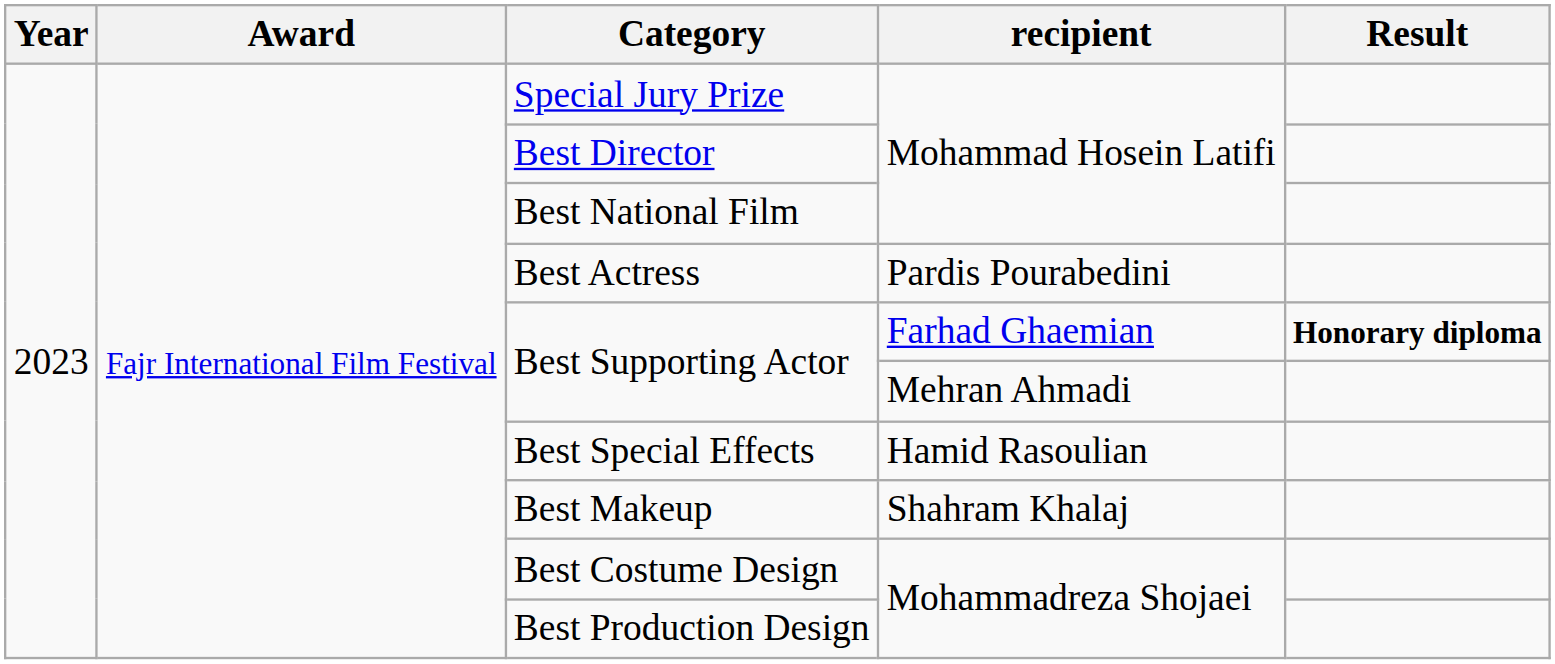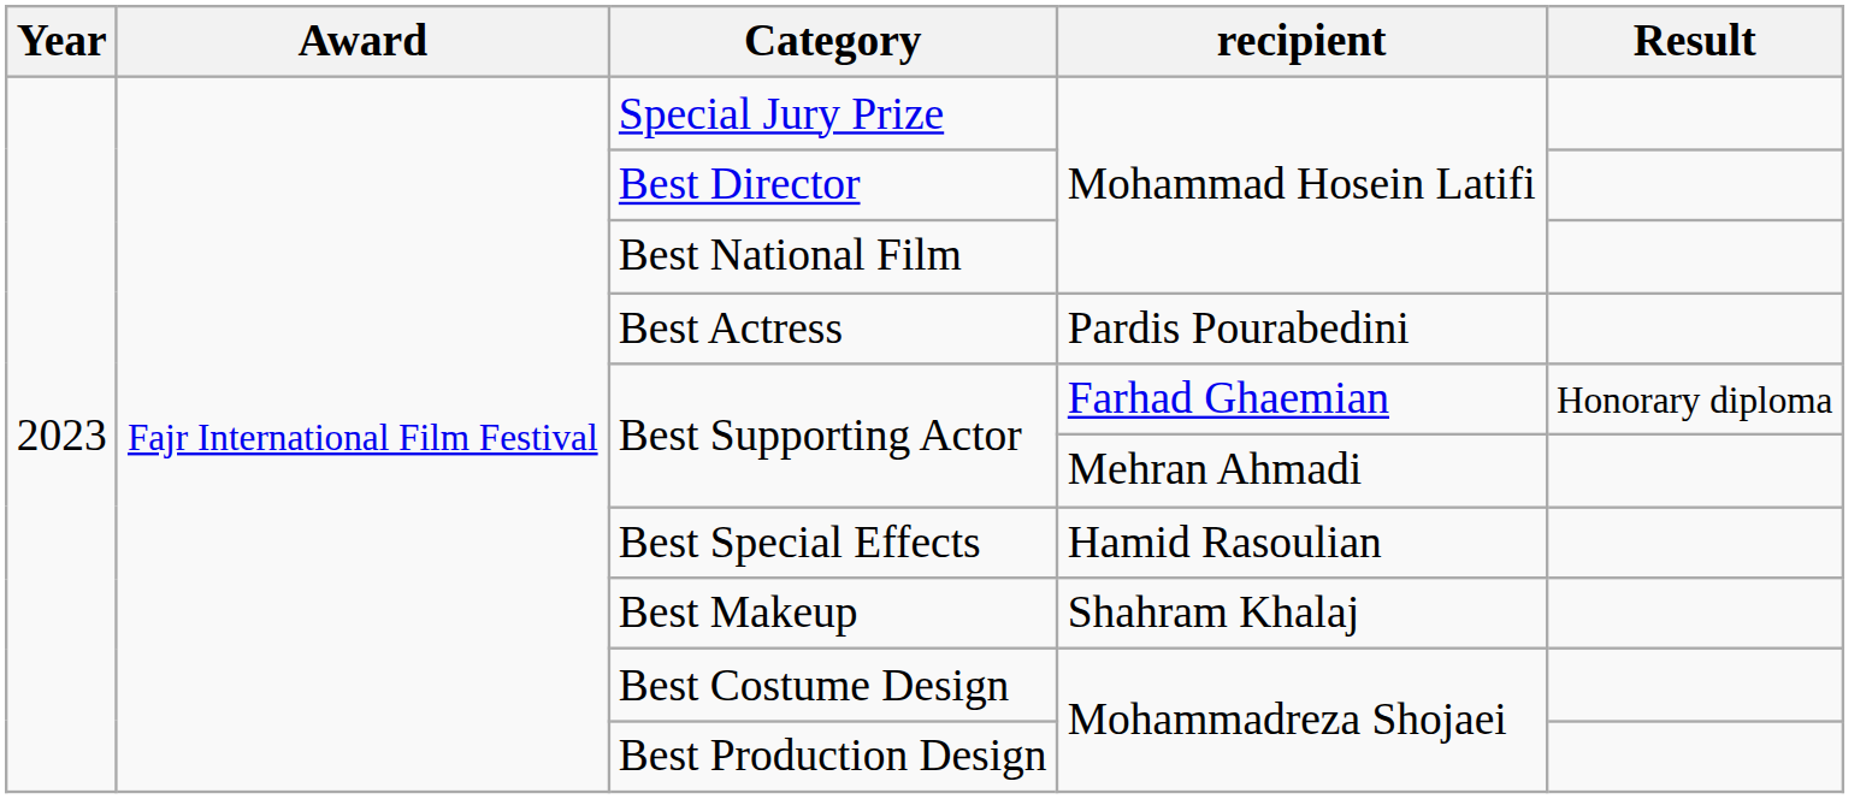 <table class="wikitable">
 <tr>
 <th>Year</th>
 <th>Award</th>
 <th>Category</th>
 <th>recipient</th>
 <th>Result</th>
 </tr>
 <tr>
 <td rowspan="10">2023</td>
 <td rowspan="10"><a href='#'><small>Fajr International Film Festival</small></a></td>
 <td><a href='#'>Special Jury Prize</a></td>
 <td rowspan="3">Mohammad Hosein Latifi</td>
 <td></td>
 </tr>
 <tr>
 <td><a href='#'>Best Director</a></td>
 <td></td>
 </tr>
 <tr>
 <td>Best National Film</td>
 <td></td>
 </tr>
 <tr>
 <td>Best Actress</td>
 <td>Pardis Pourabedini</td>
 <td></td>
 </tr>
 <tr>
 <td rowspan="2">Best Supporting Actor</td>
 <td><a href='#'>Farhad Ghaemian</a></td>
-<td><strong><small>Honorary diploma</small></strong></td>
+<td><small>Honorary diploma</small></td>
 </tr>
 <tr>
 <td>Mehran Ahmadi</td>
 <td></td>
 </tr>
 <tr>
 <td>Best Special Effects</td>
 <td>Hamid Rasoulian</td>
 <td></td>
 </tr>
 <tr>
 <td>Best Makeup</td>
 <td>Shahram Khalaj</td>
 <td></td>
 </tr>
 <tr>
 <td>Best Costume Design</td>
 <td rowspan="2">Mohammadreza Shojaei</td>
 <td></td>
 </tr>
 <tr>
 <td>Best Production Design</td>
 <td></td>
 </tr>
 </table>
